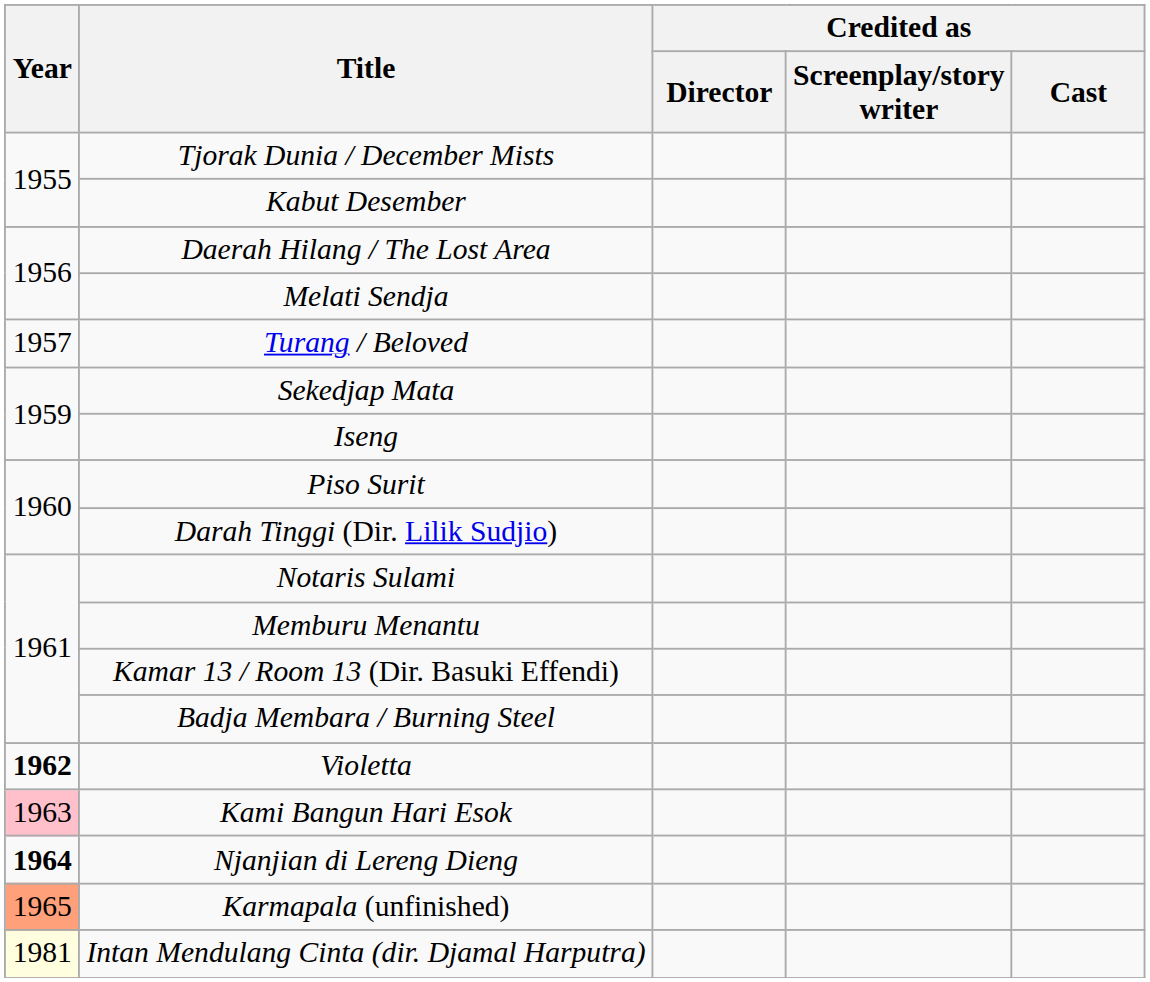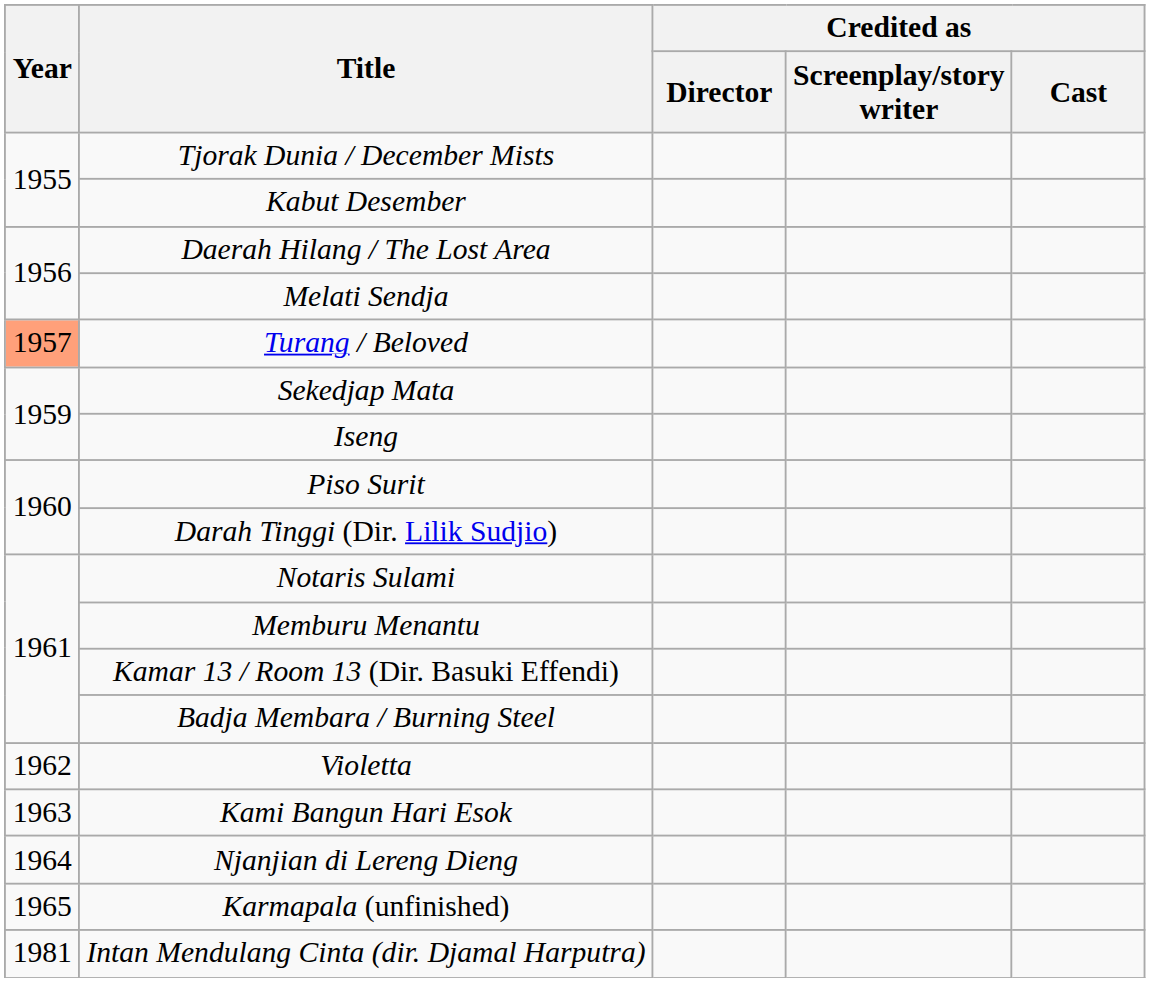 <table class="wikitable" style="text-align:center; margin-right:auto; margin-right:auto">
 <tr>
 <th rowspan="2" style="width:33px;">Year</th>
 <th rowspan="2">Title</th>
 <th colspan="3">Credited as</th>
 </tr>
 <tr>
 <th width=65>Director</th>
 <th width=65>Screenplay/story writer</th>
 <th width=65>Cast</th>
 </tr>
 <tr>
 <td rowspan="2">1955</td>
 <td><em>Tjorak Dunia / December Mists</em></td>
 <td></td>
 <td></td>
 <td></td>
 </tr>
 <tr>
 <td><em>Kabut Desember</em></td>
 <td></td>
 <td></td>
 <td></td>
 </tr>
 <tr>
 <td rowspan="2">1956</td>
 <td><em>Daerah Hilang / The Lost Area</em></td>
 <td></td>
 <td></td>
 <td></td>
 </tr>
 <tr>
 <td><em>Melati Sendja</em></td>
 <td></td>
 <td></td>
 <td></td>
 </tr>
 <tr>
-<td>1957</td>
+<td style="background: lightsalmon;">1957</td>
 <td><em><a href='#'>Turang</a> / Beloved</em></td>
 <td></td>
 <td></td>
 <td></td>
 </tr>
 <tr>
 <td rowspan="2">1959</td>
 <td><em>Sekedjap Mata</em></td>
 <td></td>
 <td></td>
 <td></td>
 </tr>
 <tr>
 <td><em>Iseng</em></td>
 <td></td>
 <td></td>
 <td></td>
 </tr>
 <tr>
 <td rowspan="2">1960</td>
 <td><em>Piso Surit</em></td>
 <td></td>
 <td></td>
 <td></td>
 </tr>
 <tr>
 <td><em>Darah Tinggi</em> (Dir. <a href='#'>Lilik Sudjio</a>)</td>
 <td></td>
 <td></td>
 <td></td>
 </tr>
 <tr>
 <td rowspan="4">1961</td>
 <td><em>Notaris Sulami</em></td>
 <td></td>
 <td></td>
 <td></td>
 </tr>
 <tr>
 <td><em>Memburu Menantu</em></td>
 <td></td>
 <td></td>
 <td></td>
 </tr>
 <tr>
 <td><em>Kamar 13 / Room 13</em> (Dir. Basuki Effendi)</td>
 <td></td>
 <td></td>
 <td></td>
 </tr>
 <tr>
 <td><em>Badja Membara / Burning Steel</em></td>
 <td></td>
 <td></td>
 <td></td>
 </tr>
 <tr>
-<td><strong>1962</strong></td>
+<td>1962</td>
 <td><em>Violetta</em></td>
 <td></td>
 <td></td>
 <td></td>
 </tr>
 <tr>
-<td style="background: pink;">1963</td>
+<td>1963</td>
 <td><em>Kami Bangun Hari Esok</em></td>
 <td></td>
 <td></td>
 <td></td>
 </tr>
 <tr>
-<td><strong>1964</strong></td>
+<td>1964</td>
 <td><em>Njanjian di Lereng Dieng</em></td>
 <td></td>
 <td></td>
 <td></td>
 </tr>
 <tr>
-<td style="background: lightsalmon;">1965</td>
+<td>1965</td>
 <td><em>Karmapala</em> (unfinished)</td>
 <td></td>
 <td></td>
 <td></td>
 </tr>
 <tr>
-<td style="background: lightyellow;">1981</td>
+<td>1981</td>
 <td><em>Intan Mendulang Cinta (dir. Djamal Harputra)</em></td>
 <td></td>
 <td></td>
 <td></td>
 </tr>
 </table>
